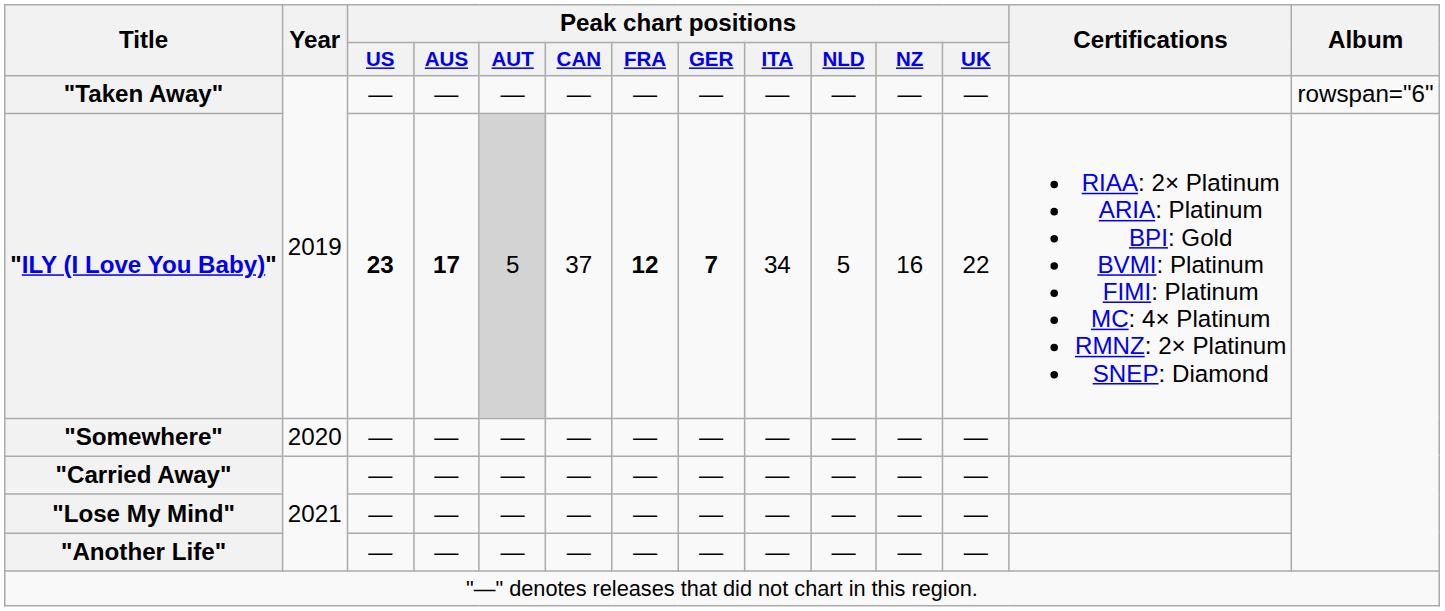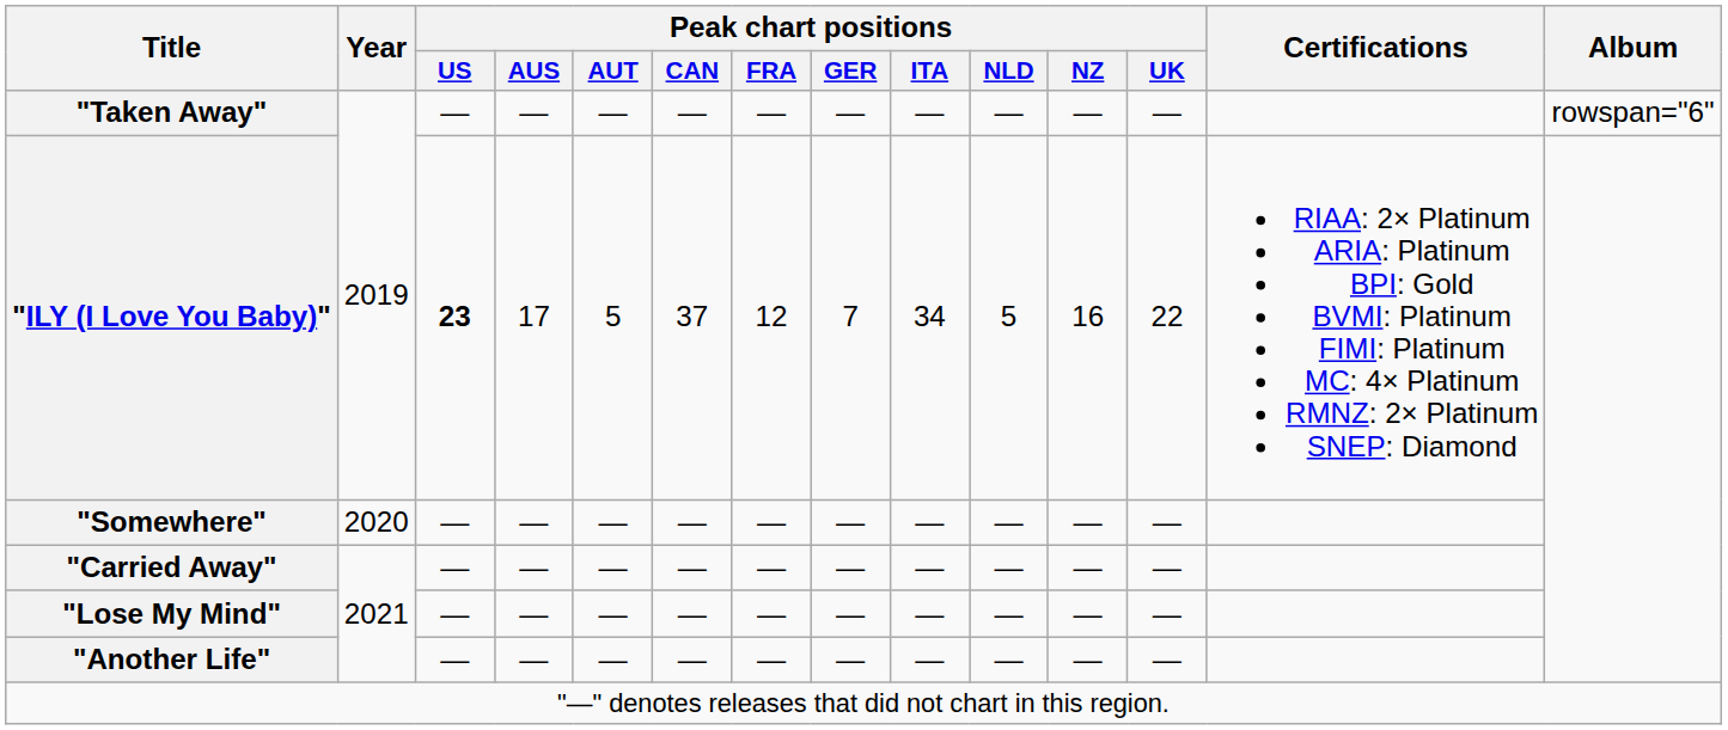 <table class="wikitable plainrowheaders" style="text-align:center;">
 <tr>
 <th scope="col" rowspan="2">Title</th>
 <th scope="col" rowspan="2">Year</th>
 <th scope="col" colspan="10">Peak chart positions</th>
 <th scope="col" rowspan="2">Certifications</th>
 <th scope="col" rowspan="2">Album</th>
 </tr>
 <tr>
 <th scope="col" style="width:2.75em;font-size:85%;"><a href='#'>US</a><br></th>
 <th scope="col" style="width:2.75em;font-size:85%;"><a href='#'>AUS</a><br></th>
 <th scope="col" style="width:2.75em;font-size:85%;"><a href='#'>AUT</a><br></th>
 <th scope="col" style="width:2.75em;font-size:85%;"><a href='#'>CAN</a><br></th>
 <th scope="col" style="width:2.75em;font-size:85%;"><a href='#'>FRA</a><br></th>
 <th scope="col" style="width:2.75em;font-size:85%;"><a href='#'>GER</a><br></th>
 <th scope="col" style="width:2.75em;font-size:85%;"><a href='#'>ITA</a><br></th>
 <th scope="col" style="width:2.75em;font-size:85%;"><a href='#'>NLD</a><br></th>
 <th scope="col" style="width:2.75em;font-size:85%;"><a href='#'>NZ</a><br></th>
 <th scope="col" style="width:2.75em;font-size:85%;"><a href='#'>UK</a><br></th>
 </tr>
 <tr>
 <th scope="row">"Taken Away"<br></th>
 <td rowspan="2">2019</td>
 <td>—</td>
 <td>—</td>
 <td>—</td>
 <td>—</td>
 <td>—</td>
 <td>—</td>
 <td>—</td>
 <td>—</td>
 <td>—</td>
 <td>—</td>
 <td></td>
 <td>rowspan="6" </td>
 </tr>
 <tr>
 <th scope="row">"<a href='#'>ILY (I Love You Baby)</a>"<br></th>
 <td><strong>23</strong></td>
-<td><strong>17</strong></td>
-<td style="background: lightgrey;">5</td>
+<td>17</td>
+<td>5</td>
 <td>37</td>
-<td><strong>12</strong></td>
-<td><strong>7</strong></td>
+<td>12</td>
+<td>7</td>
 <td>34</td>
 <td>5</td>
 <td>16</td>
 <td>22</td>
 <td><br><ul><li><a href='#'>RIAA</a>: 2× Platinum</li><li><a href='#'>ARIA</a>: Platinum</li><li><a href='#'>BPI</a>: Gold</li><li><a href='#'>BVMI</a>: Platinum</li><li><a href='#'>FIMI</a>: Platinum</li><li><a href='#'>MC</a>: 4× Platinum</li><li><a href='#'>RMNZ</a>: 2× Platinum</li><li><a href='#'>SNEP</a>: Diamond</li></ul></td>
 </tr>
 <tr>
 <th scope="row">"Somewhere"<br></th>
 <td>2020</td>
 <td>—</td>
 <td>—</td>
 <td>—</td>
 <td>—</td>
 <td>—</td>
 <td>—</td>
 <td>—</td>
 <td>—</td>
 <td>—</td>
 <td>—</td>
 <td></td>
 </tr>
 <tr>
 <th scope="row">"Carried Away"<br></th>
 <td rowspan="3">2021</td>
 <td>—</td>
 <td>—</td>
 <td>—</td>
 <td>—</td>
 <td>—</td>
 <td>—</td>
 <td>—</td>
 <td>—</td>
 <td>—</td>
 <td>—</td>
 <td></td>
 </tr>
 <tr>
 <th scope="row">"Lose My Mind" <br></th>
 <td>—</td>
 <td>—</td>
 <td>—</td>
 <td>—</td>
 <td>—</td>
 <td>—</td>
 <td>—</td>
 <td>—</td>
 <td>—</td>
 <td>—</td>
 <td></td>
 </tr>
 <tr>
 <th scope="row">"Another Life" <br></th>
 <td>—</td>
 <td>—</td>
 <td>—</td>
 <td>—</td>
 <td>—</td>
 <td>—</td>
 <td>—</td>
 <td>—</td>
 <td>—</td>
 <td>—</td>
 <td></td>
 </tr>
 <tr>
 <td colspan="14" style="font-size:90%">"—" denotes releases that did not chart in this region.</td>
 </tr>
 </table>
